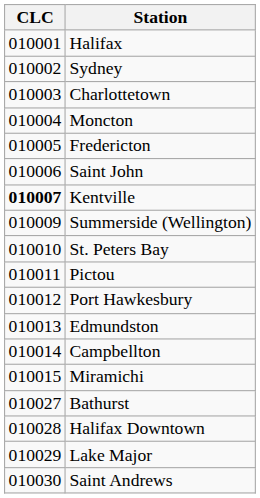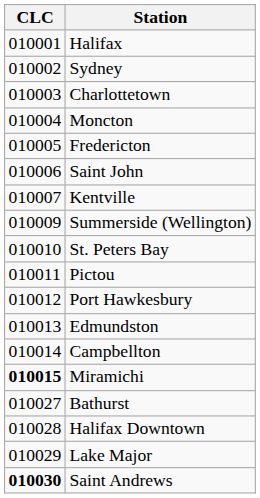 <table class="wikitable" style="line-height: 100%;">
 <tr>
 <th>CLC</th>
 <th>Station</th>
 </tr>
 <tr>
 <td>010001</td>
 <td>Halifax</td>
 </tr>
 <tr>
 <td>010002</td>
 <td>Sydney</td>
 </tr>
 <tr>
 <td>010003</td>
 <td>Charlottetown</td>
 </tr>
 <tr>
 <td>010004</td>
 <td>Moncton</td>
 </tr>
 <tr>
 <td>010005</td>
 <td>Fredericton</td>
 </tr>
 <tr>
 <td>010006</td>
 <td>Saint John</td>
 </tr>
 <tr>
-<td><strong>010007</strong></td>
+<td>010007</td>
 <td>Kentville</td>
 </tr>
 <tr>
 <td>010009</td>
 <td>Summerside (Wellington)</td>
 </tr>
 <tr>
 <td>010010</td>
 <td>St. Peters Bay</td>
 </tr>
 <tr>
 <td>010011</td>
 <td>Pictou</td>
 </tr>
 <tr>
 <td>010012</td>
 <td>Port Hawkesbury</td>
 </tr>
 <tr>
 <td>010013</td>
 <td>Edmundston</td>
 </tr>
 <tr>
 <td>010014</td>
 <td>Campbellton</td>
 </tr>
 <tr>
-<td>010015</td>
+<td><strong>010015</strong></td>
 <td>Miramichi</td>
 </tr>
 <tr>
 <td>010027</td>
 <td>Bathurst</td>
 </tr>
 <tr>
 <td>010028</td>
 <td>Halifax Downtown</td>
 </tr>
 <tr>
 <td>010029</td>
 <td>Lake Major</td>
 </tr>
 <tr>
-<td>010030</td>
+<td><strong>010030</strong></td>
 <td>Saint Andrews</td>
 </tr>
 </table>
